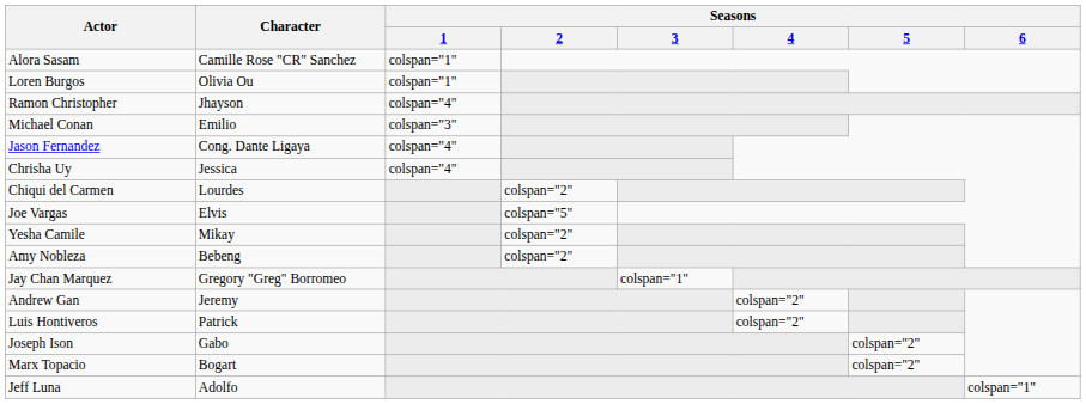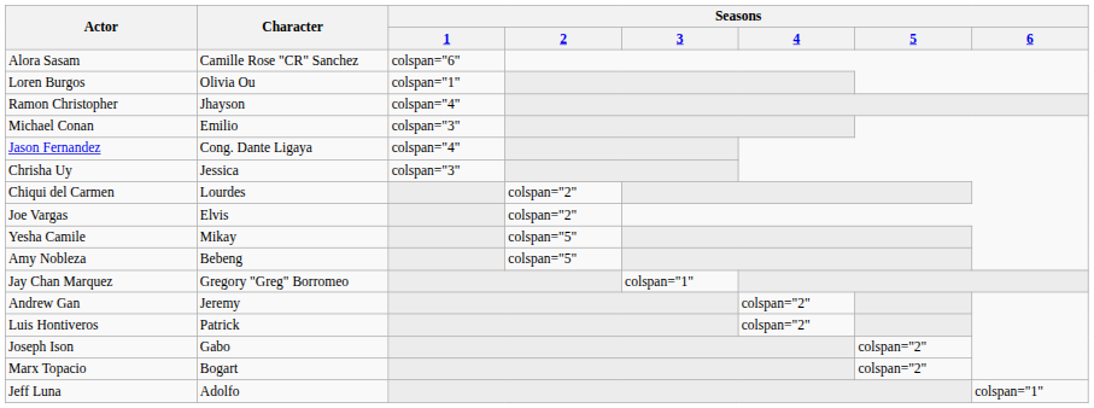 <table class="wikitable">
 <tr>
 <th style="width:10%;" rowspan="2">Actor</th>
 <th style="width:10%;" rowspan="2">Character</th>
 <th colspan="12">Seasons</th>
 </tr>
 <tr>
 <th style="width:5%;"><a href='#'>1</a></th>
 <th style="width:5%;"><a href='#'>2</a></th>
 <th style="width:5%;"><a href='#'>3</a></th>
 <th style="width:5%;"><a href='#'>4</a></th>
 <th style="width:5%;"><a href='#'>5</a></th>
 <th style="width:5%;"><a href='#'>6</a></th>
 </tr>
 <tr>
 <td>Alora Sasam</td>
 <td>Camille Rose "CR" Sanchez</td>
-<td>colspan="1" </td>
+<td>colspan="6" </td>
 </tr>
 <tr>
 <td>Loren Burgos</td>
 <td>Olivia Ou</td>
 <td>colspan="1" </td>
 <td colspan="3" style="background: #ececec; color: grey; vertical-align: middle; text-align: center; " class="table-na"></td>
 </tr>
 <tr>
 <td>Ramon Christopher</td>
 <td>Jhayson</td>
 <td>colspan="4" </td>
 <td colspan="5" style="background: #ececec; color: grey; vertical-align: middle; text-align: center; " class="table-na"></td>
 </tr>
 <tr>
 <td>Michael Conan</td>
 <td>Emilio</td>
 <td>colspan="3" </td>
 <td colspan="3" style="background: #ececec; color: grey; vertical-align: middle; text-align: center; " class="table-na"></td>
 </tr>
 <tr>
 <td><a href='#'>Jason Fernandez</a></td>
 <td>Cong. Dante Ligaya</td>
 <td>colspan="4" </td>
 <td colspan="2" style="background: #ececec; color: grey; vertical-align: middle; text-align: center; " class="table-na"></td>
 </tr>
 <tr>
 <td>Chrisha Uy</td>
 <td>Jessica</td>
-<td>colspan="4" </td>
+<td>colspan="3" </td>
 <td colspan="2" style="background: #ececec; color: grey; vertical-align: middle; text-align: center; " class="table-na"></td>
 </tr>
 <tr>
 <td>Chiqui del Carmen</td>
 <td>Lourdes</td>
 <td colspan="1" style="background: #ececec; color: grey; vertical-align: middle; text-align: center; " class="table-na"></td>
 <td>colspan="2" </td>
 <td colspan="3" style="background: #ececec; color: grey; vertical-align: middle; text-align: center; " class="table-na"></td>
 </tr>
 <tr>
 <td>Joe Vargas</td>
 <td>Elvis</td>
 <td colspan="1" style="background: #ececec; color: grey; vertical-align: middle; text-align: center; " class="table-na"></td>
-<td>colspan="5" </td>
+<td>colspan="2" </td>
 </tr>
 <tr>
 <td>Yesha Camile</td>
 <td>Mikay</td>
 <td colspan="1" style="background: #ececec; color: grey; vertical-align: middle; text-align: center; " class="table-na"></td>
-<td>colspan="2" </td>
+<td>colspan="5" </td>
 <td colspan="3" style="background: #ececec; color: grey; vertical-align: middle; text-align: center; " class="table-na"></td>
 </tr>
 <tr>
 <td>Amy Nobleza</td>
 <td>Bebeng</td>
 <td colspan="1" style="background: #ececec; color: grey; vertical-align: middle; text-align: center; " class="table-na"></td>
-<td>colspan="2" </td>
+<td>colspan="5" </td>
 <td colspan="3" style="background: #ececec; color: grey; vertical-align: middle; text-align: center; " class="table-na"></td>
 </tr>
 <tr>
 <td>Jay Chan Marquez</td>
 <td>Gregory "Greg" Borromeo</td>
 <td colspan="2" style="background: #ececec; color: grey; vertical-align: middle; text-align: center; " class="table-na"></td>
 <td>colspan="1" </td>
 <td colspan="3" style="background: #ececec; color: grey; vertical-align: middle; text-align: center; " class="table-na"></td>
 </tr>
 <tr>
 <td>Andrew Gan</td>
 <td>Jeremy</td>
 <td colspan="3" style="background: #ececec; color: grey; vertical-align: middle; text-align: center; " class="table-na"></td>
 <td>colspan="2" </td>
 <td colspan="1" style="background: #ececec; color: grey; vertical-align: middle; text-align: center; " class="table-na"></td>
 </tr>
 <tr>
 <td>Luis Hontiveros</td>
 <td>Patrick</td>
 <td colspan="3" style="background: #ececec; color: grey; vertical-align: middle; text-align: center; " class="table-na"></td>
 <td>colspan="2" </td>
 <td colspan="1" style="background: #ececec; color: grey; vertical-align: middle; text-align: center; " class="table-na"></td>
 </tr>
 <tr>
 <td>Joseph Ison</td>
 <td>Gabo</td>
 <td colspan="4" style="background: #ececec; color: grey; vertical-align: middle; text-align: center; " class="table-na"></td>
 <td>colspan="2" </td>
 </tr>
 <tr>
 <td>Marx Topacio</td>
 <td>Bogart</td>
 <td colspan="4" style="background: #ececec; color: grey; vertical-align: middle; text-align: center; " class="table-na"></td>
 <td>colspan="2" </td>
 </tr>
 <tr>
 <td>Jeff Luna</td>
 <td>Adolfo</td>
 <td colspan="5" style="background: #ececec; color: grey; vertical-align: middle; text-align: center; " class="table-na"></td>
 <td>colspan="1" </td>
 </tr>
 </table>
